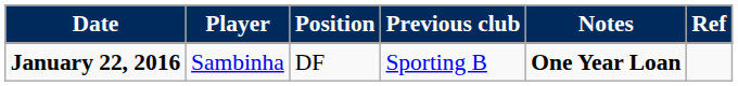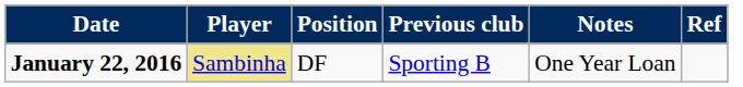 <table class="wikitable" style="text-align:left; font-size:95%;">
 <tr>
 <th style="background:#002A5C; color:white;">Date</th>
 <th style="background:#002A5C; color:white;">Player</th>
 <th style="background:#002A5C; color:white;">Position</th>
 <th style="background:#002A5C; color:white;">Previous club</th>
 <th style="background:#002A5C; color:white;">Notes</th>
 <th style="background:#002A5C; color:white;">Ref</th>
 </tr>
 <tr>
 </tr>
 <tr>
 <td><strong>January 22, 2016</strong></td>
-<td> <a href='#'>Sambinha</a></td>
+<td style="background: khaki;"> <a href='#'>Sambinha</a></td>
 <td>DF</td>
 <td><a href='#'>Sporting B</a></td>
-<td><strong>One Year Loan</strong></td>
+<td>One Year Loan</td>
 <td></td>
 </tr>
 </table>
